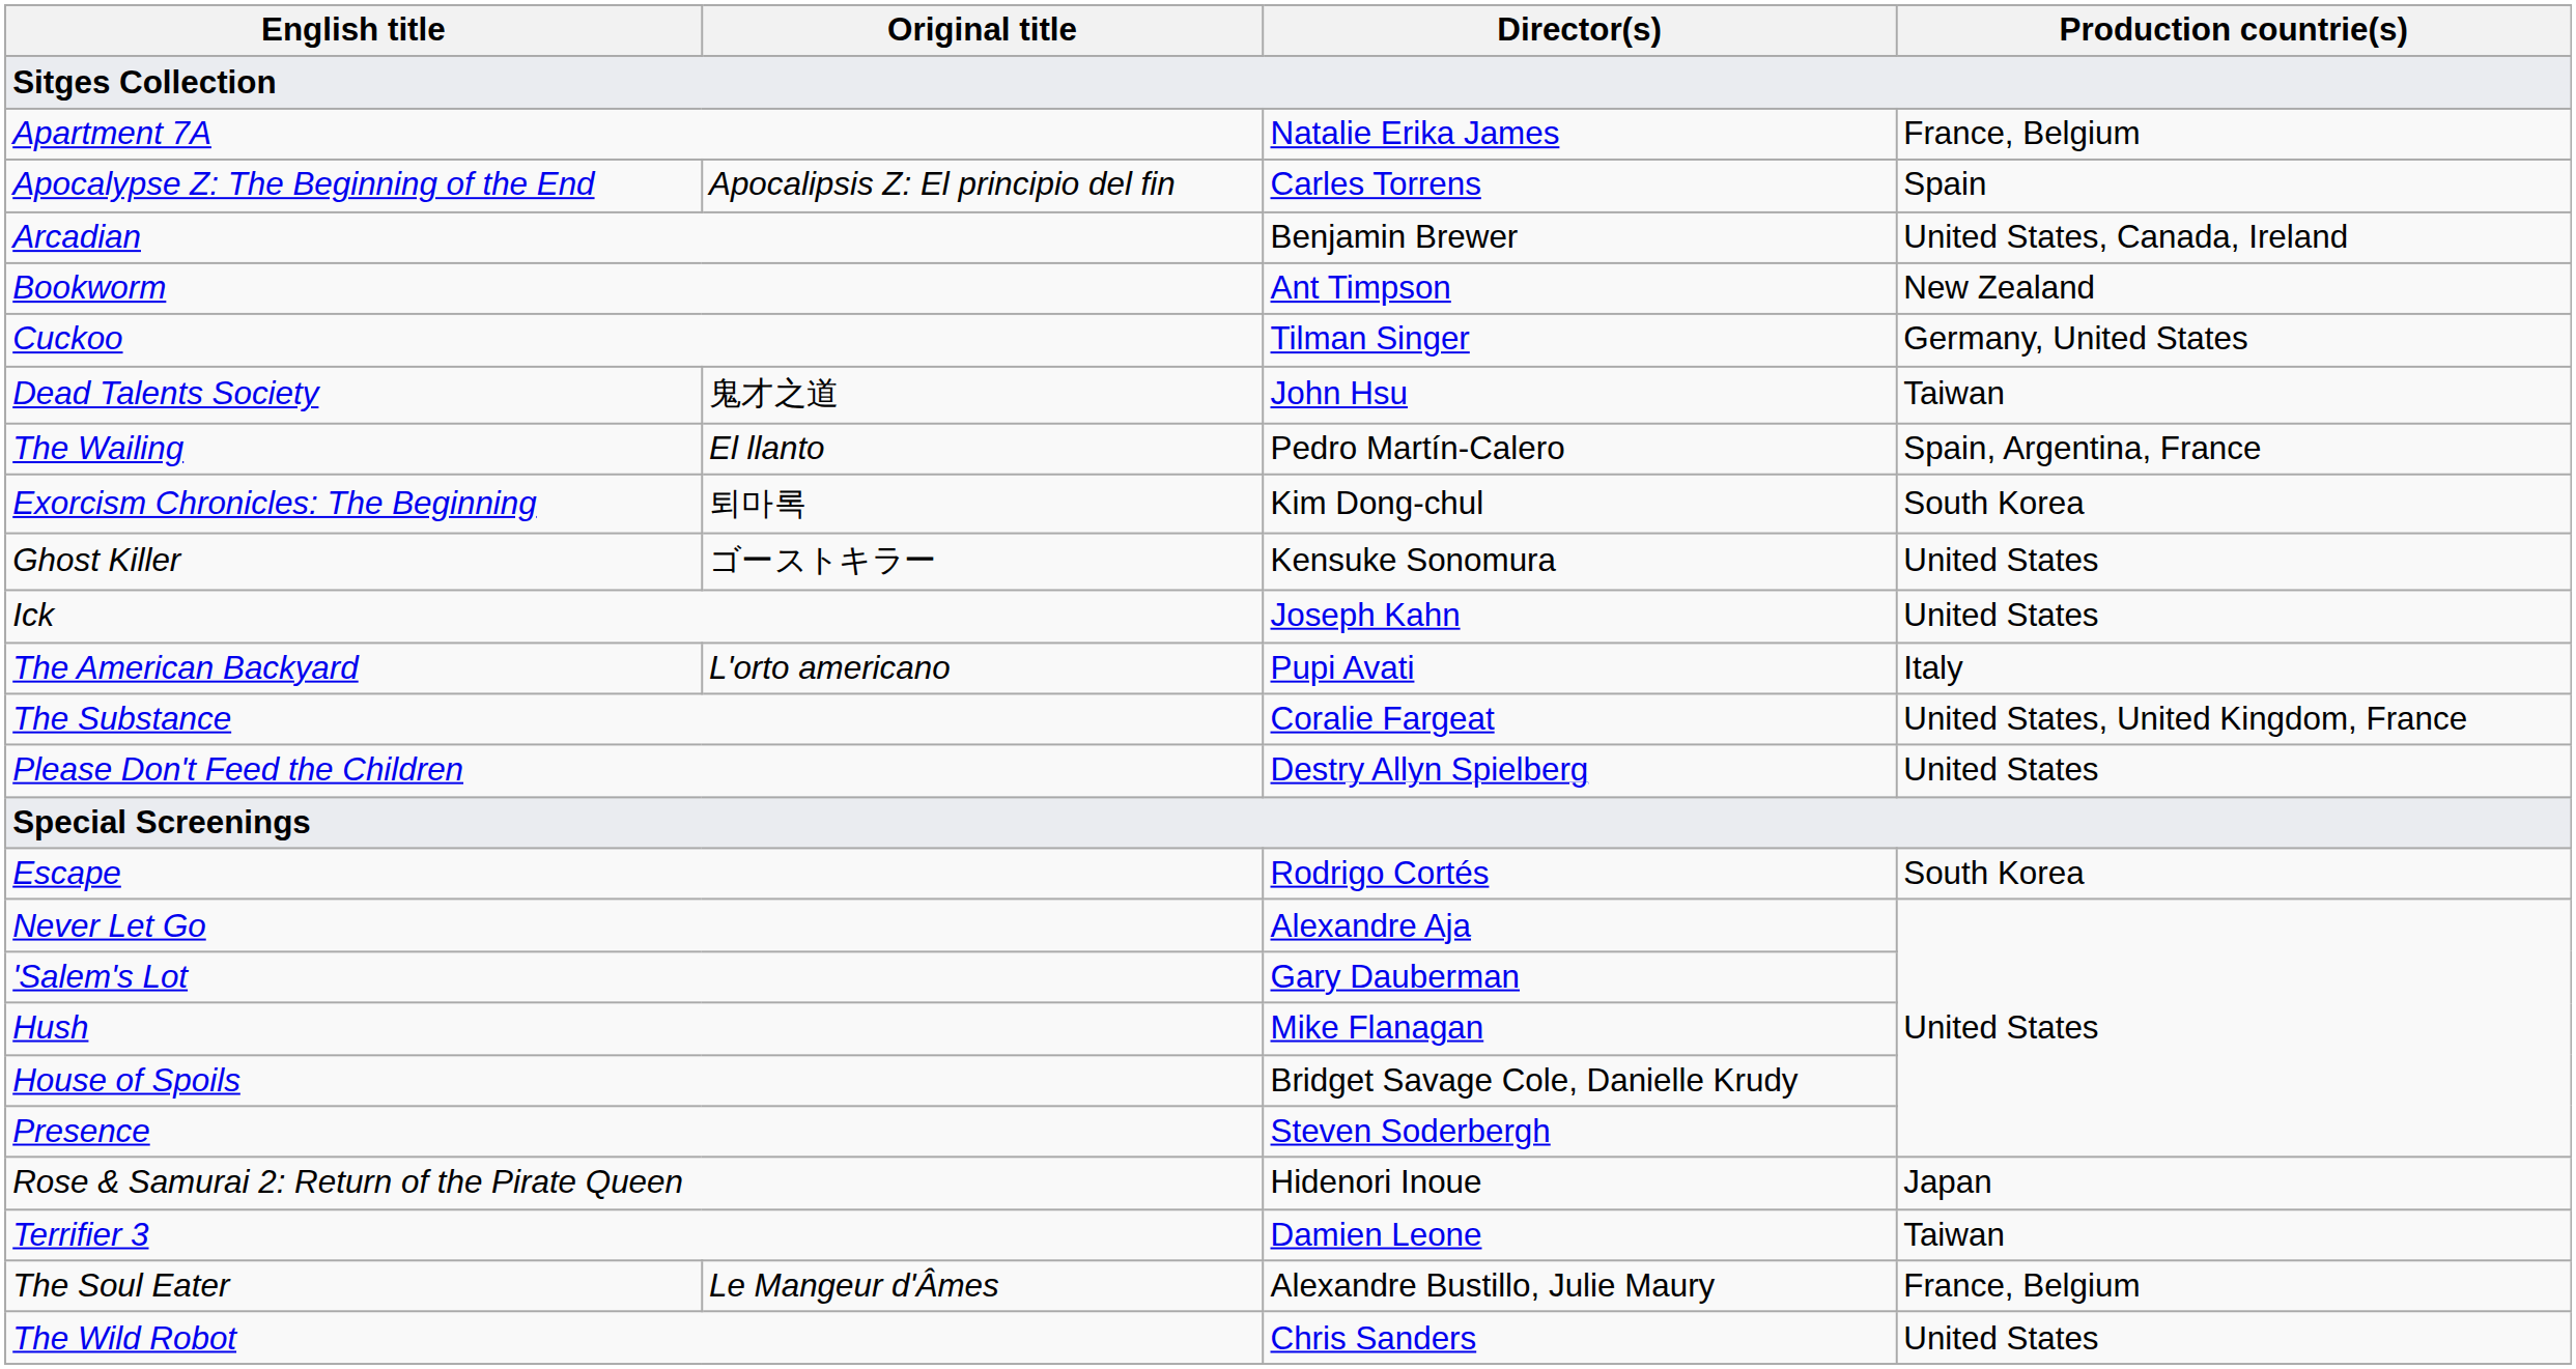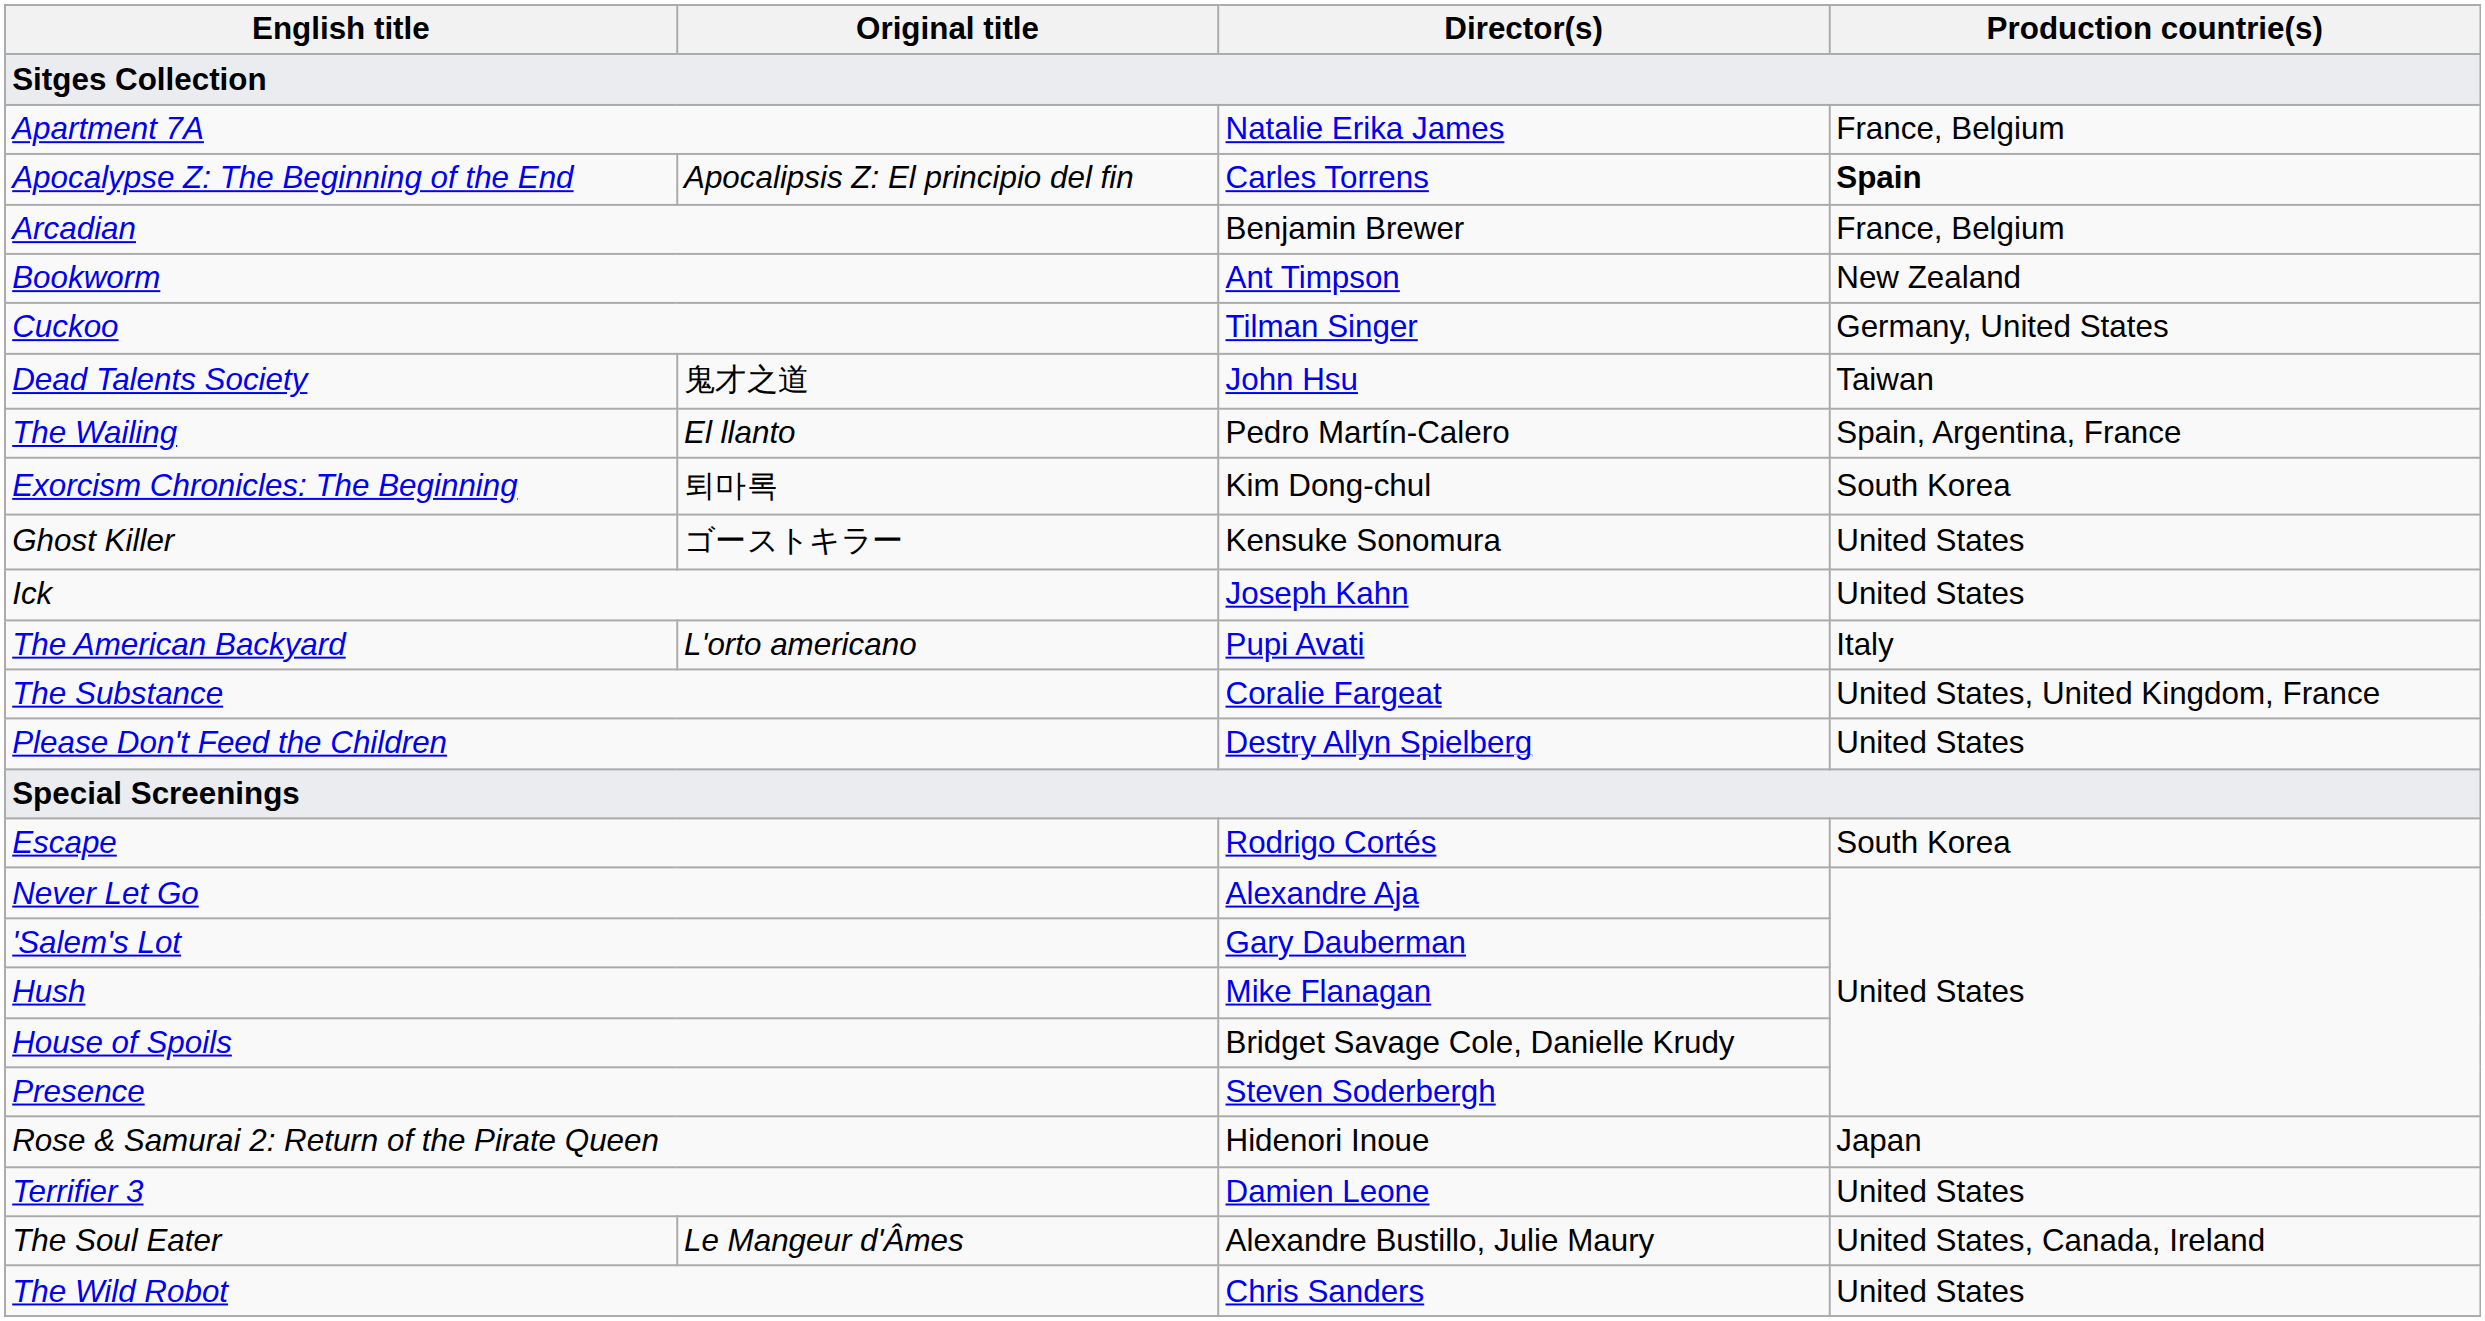 <table class="sortable wikitable" style="width:100%; margin-bottom:4px" cellpadding="5">
 <tr>
 <th scope="col">English title</th>
 <th scope="col">Original title</th>
 <th scope="col">Director(s)</th>
 <th scope="col">Production countrie(s)</th>
 </tr>
 <tr>
 <td colspan=4 class="center" style="padding-center:120px; background-color:#EAECF0"><strong>Sitges Collection</strong></td>
 </tr>
 <tr>
 <td colspan="2"><em><a href='#'>Apartment 7A</a></em></td>
 <td><a href='#'>Natalie Erika James</a></td>
 <td>France, Belgium</td>
 </tr>
 <tr>
 <td><em><a href='#'>Apocalypse Z: The Beginning of the End</a></em></td>
 <td><em>Apocalipsis Z: El principio del fin</em></td>
 <td><a href='#'>Carles Torrens</a></td>
-<td>Spain</td>
+<td><strong>Spain</strong></td>
 </tr>
 <tr>
 <td colspan="2"><em><a href='#'>Arcadian</a></em></td>
 <td>Benjamin Brewer</td>
-<td>United States, Canada, Ireland</td>
+<td>France, Belgium</td>
 </tr>
 <tr>
 <td colspan="2"><em><a href='#'>Bookworm</a></em></td>
 <td><a href='#'>Ant Timpson</a></td>
 <td>New Zealand</td>
 </tr>
 <tr>
 <td colspan="2"><em><a href='#'>Cuckoo</a></em></td>
 <td><a href='#'>Tilman Singer</a></td>
 <td>Germany, United States</td>
 </tr>
 <tr>
 <td><em><a href='#'>Dead Talents Society</a></em></td>
 <td>鬼才之道</td>
 <td><a href='#'>John Hsu</a></td>
 <td>Taiwan</td>
 </tr>
 <tr>
 <td><em><a href='#'>The Wailing</a></em></td>
 <td><em>El llanto</em></td>
 <td>Pedro Martín-Calero</td>
 <td>Spain, Argentina, France</td>
 </tr>
 <tr>
 <td><em><a href='#'>Exorcism Chronicles: The Beginning</a></em></td>
 <td>퇴마록</td>
 <td>Kim Dong-chul</td>
 <td>South Korea</td>
 </tr>
 <tr>
 <td><em>Ghost Killer</em></td>
 <td>ゴーストキラー</td>
 <td>Kensuke Sonomura</td>
 <td>United States</td>
 </tr>
 <tr>
 <td colspan="2"><em>Ick</em></td>
 <td><a href='#'>Joseph Kahn</a></td>
 <td>United States</td>
 </tr>
 <tr>
 <td><em><a href='#'>The American Backyard</a></em></td>
 <td><em>L'orto americano</em></td>
 <td><a href='#'>Pupi Avati</a></td>
 <td>Italy</td>
 </tr>
 <tr>
 <td colspan="2"><em><a href='#'>The Substance</a></em></td>
 <td><a href='#'>Coralie Fargeat</a></td>
 <td>United States, United Kingdom, France</td>
 </tr>
 <tr>
 <td colspan="2"><em><a href='#'>Please Don't Feed the Children</a></em></td>
 <td><a href='#'>Destry Allyn Spielberg</a></td>
 <td>United States</td>
 </tr>
 <tr>
 <td colspan=4 class="center" style="padding-center:120px; background-color:#EAECF0"><strong>Special Screenings</strong></td>
 </tr>
 <tr>
 <td colspan="2"><em><a href='#'>Escape</a></em></td>
 <td><a href='#'>Rodrigo Cortés</a></td>
 <td>South Korea</td>
 </tr>
 <tr>
 <td colspan="2"><em><a href='#'>Never Let Go</a></em> </td>
 <td><a href='#'>Alexandre Aja</a></td>
 <td rowspan="5">United States</td>
 </tr>
 <tr>
 <td colspan="2"><em><a href='#'>'Salem's Lot</a></em></td>
 <td><a href='#'>Gary Dauberman</a></td>
 </tr>
 <tr>
 <td colspan="2"><em><a href='#'>Hush</a></em></td>
 <td><a href='#'>Mike Flanagan</a></td>
 </tr>
 <tr>
 <td colspan="2"><em><a href='#'>House of Spoils</a></em></td>
 <td>Bridget Savage Cole, Danielle Krudy</td>
 </tr>
 <tr>
 <td colspan="2"><em><a href='#'>Presence</a></em> </td>
 <td><a href='#'>Steven Soderbergh</a></td>
 </tr>
 <tr>
 <td colspan="2"><em>Rose & Samurai 2: Return of the Pirate Queen</em></td>
 <td>Hidenori Inoue</td>
 <td>Japan</td>
 </tr>
 <tr>
 <td colspan="2"><em><a href='#'>Terrifier 3</a></em></td>
 <td><a href='#'>Damien Leone</a></td>
-<td>Taiwan</td>
+<td>United States</td>
 </tr>
 <tr>
 <td><em>The Soul Eater</em></td>
 <td><em>Le Mangeur d'Âmes</em></td>
 <td>Alexandre Bustillo, Julie Maury</td>
-<td>France, Belgium</td>
+<td>United States, Canada, Ireland</td>
 </tr>
 <tr>
 <td colspan="2"><em><a href='#'>The Wild Robot</a></em></td>
 <td><a href='#'>Chris Sanders</a></td>
 <td>United States</td>
 </tr>
 <tr>
 </tr>
 </table>
